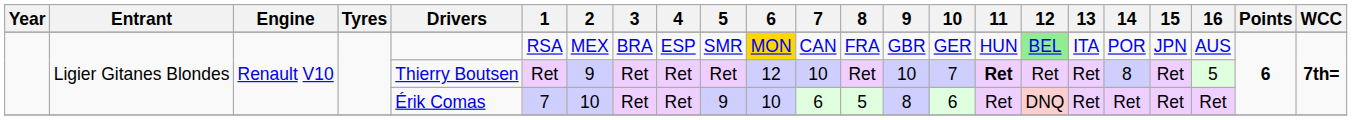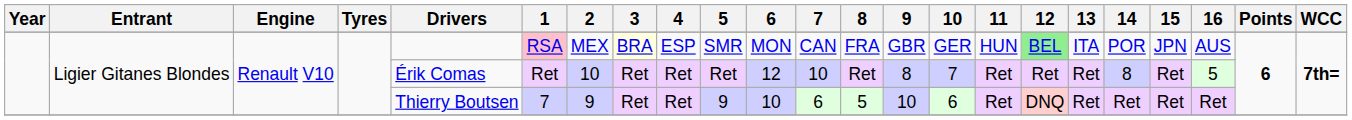 <table class="wikitable" style="text-align:center; font-size:95%">
 <tr>
 <th>Year</th>
 <th>Entrant</th>
 <th>Engine</th>
 <th>Tyres</th>
 <th>Drivers</th>
 <th>1</th>
 <th>2</th>
 <th>3</th>
 <th>4</th>
 <th>5</th>
 <th>6</th>
 <th>7</th>
 <th>8</th>
 <th>9</th>
 <th>10</th>
 <th>11</th>
 <th>12</th>
 <th>13</th>
 <th>14</th>
 <th>15</th>
 <th>16</th>
 <th>Points</th>
 <th>WCC</th>
 </tr>
 <tr>
 </tr>
 <tr>
 <td rowspan="3"></td>
 <td rowspan="3">Ligier Gitanes Blondes</td>
 <td rowspan="3"><a href='#'>Renault</a> <a href='#'>V10</a></td>
 <td rowspan="3"></td>
 <td></td>
-<td><a href='#'>RSA</a></td>
+<td style="background: pink;"><a href='#'>RSA</a></td>
 <td><a href='#'>MEX</a></td>
-<td><a href='#'>BRA</a></td>
+<td style="background: lightyellow;"><a href='#'>BRA</a></td>
 <td><a href='#'>ESP</a></td>
 <td><a href='#'>SMR</a></td>
-<td style="background: gold;"><a href='#'>MON</a></td>
+<td><a href='#'>MON</a></td>
 <td><a href='#'>CAN</a></td>
 <td><a href='#'>FRA</a></td>
 <td><a href='#'>GBR</a></td>
 <td><a href='#'>GER</a></td>
 <td><a href='#'>HUN</a></td>
 <td style="background: lightgreen;"><a href='#'>BEL</a></td>
 <td><a href='#'>ITA</a></td>
 <td><a href='#'>POR</a></td>
 <td><a href='#'>JPN</a></td>
 <td><a href='#'>AUS</a></td>
 <td rowspan="3"><strong>6</strong></td>
 <td rowspan="3"><strong>7th=</strong></td>
 </tr>
 <tr>
-<td align="left"><a href='#'>Thierry Boutsen</a></td>
+<td align="left"><a href='#'>Érik Comas</a></td>
 <td style="background:#efcfff;">Ret</td>
-<td style="background:#cfcfff;">9</td>
+<td style="background:#cfcfff;">10</td>
 <td style="background:#efcfff;">Ret</td>
 <td style="background:#efcfff;">Ret</td>
 <td style="background:#efcfff;">Ret</td>
 <td style="background:#cfcfff;">12</td>
 <td style="background:#cfcfff;">10</td>
 <td style="background:#efcfff;">Ret</td>
-<td style="background:#cfcfff;">10</td>
+<td style="background:#cfcfff;">8</td>
 <td style="background:#cfcfff;">7</td>
-<td style="background:#efcfff;"><strong>Ret</strong></td>
+<td style="background:#efcfff;">Ret</td>
 <td style="background:#efcfff;">Ret</td>
 <td style="background:#efcfff;">Ret</td>
 <td style="background:#cfcfff;">8</td>
 <td style="background:#efcfff;">Ret</td>
 <td style="background:#dfffdf;">5</td>
 </tr>
 <tr>
-<td align="left"><a href='#'>Érik Comas</a></td>
+<td align="left"><a href='#'>Thierry Boutsen</a></td>
 <td style="background:#cfcfff;">7</td>
-<td style="background:#cfcfff;">10</td>
+<td style="background:#cfcfff;">9</td>
 <td style="background:#efcfff;">Ret</td>
 <td style="background:#efcfff;">Ret</td>
 <td style="background:#cfcfff;">9</td>
 <td style="background:#cfcfff;">10</td>
 <td style="background:#dfffdf;">6</td>
 <td style="background:#dfffdf;">5</td>
-<td style="background:#cfcfff;">8</td>
+<td style="background:#cfcfff;">10</td>
 <td style="background:#dfffdf;">6</td>
 <td style="background:#efcfff;">Ret</td>
 <td style="background:#FFCFCF;">DNQ</td>
 <td style="background:#efcfff;">Ret</td>
 <td style="background:#efcfff;">Ret</td>
 <td style="background:#efcfff;">Ret</td>
 <td style="background:#efcfff;">Ret</td>
 </tr>
 <tr>
 </tr>
 </table>
